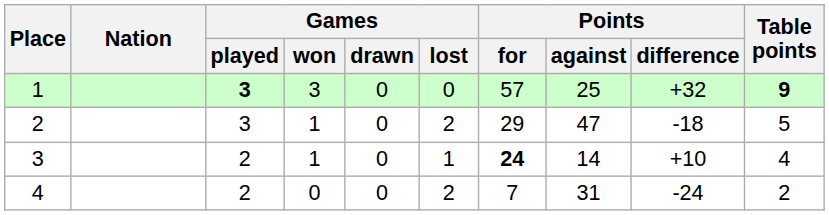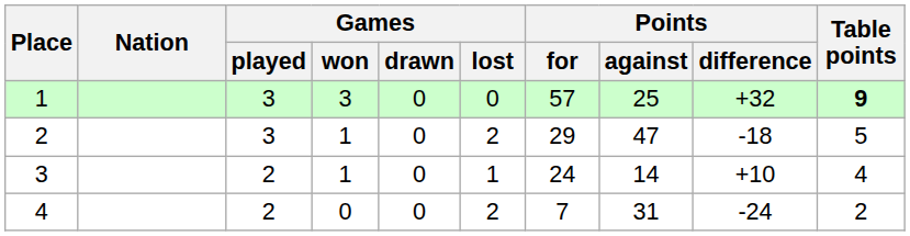 <table class="wikitable">
 <tr>
 <th rowspan=2 width="8%">Place</th>
 <th rowspan=2 width="20%">Nation</th>
 <th colspan=4 width="32%">Games</th>
 <th colspan=3 width="30%">Points</th>
 <th rowspan=2 width="10%">Table<br>points</th>
 </tr>
 <tr>
 <th width="8%">played</th>
 <th width="8%">won</th>
 <th width="8%">drawn</th>
 <th width="8%">lost</th>
 <th width="10%">for</th>
 <th width="10%">against</th>
 <th width="10%">difference</th>
 </tr>
 <tr bgcolor=#ccffcc align=center>
 <td>1</td>
 <td align=left><strong></strong></td>
-<td><strong>3</strong></td>
+<td>3</td>
 <td>3</td>
 <td>0</td>
 <td>0</td>
 <td>57</td>
 <td>25</td>
 <td>+32</td>
 <td><strong>9</strong></td>
 </tr>
 <tr bgcolor=#FFFFFF align=center>
 <td>2</td>
 <td align=left></td>
 <td>3</td>
 <td>1</td>
 <td>0</td>
 <td>2</td>
 <td>29</td>
 <td>47</td>
 <td>-18</td>
 <td>5</td>
 </tr>
 <tr bgcolor=#ffffff align=center>
 <td>3</td>
 <td align=left></td>
 <td>2</td>
 <td>1</td>
 <td>0</td>
 <td>1</td>
-<td><strong>24</strong></td>
+<td>24</td>
 <td>14</td>
 <td>+10</td>
 <td>4</td>
 </tr>
 <tr bgcolor=#ffffff align=center>
 <td>4</td>
 <td align=left></td>
 <td>2</td>
 <td>0</td>
 <td>0</td>
 <td>2</td>
 <td>7</td>
 <td>31</td>
 <td>-24</td>
 <td>2</td>
 </tr>
 </table>
